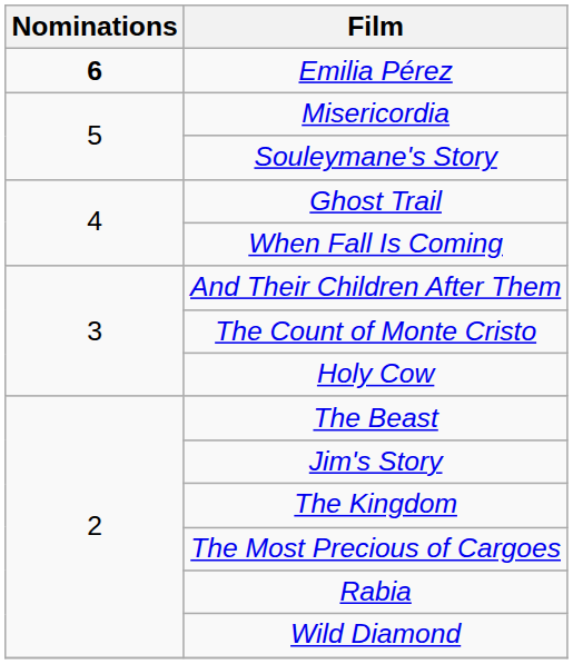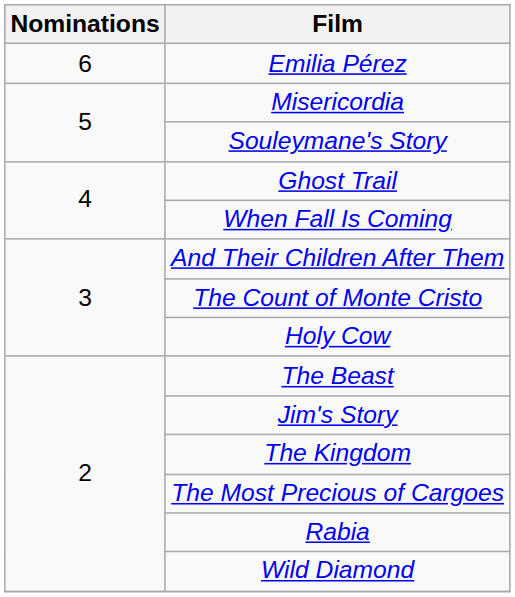 <table class="wikitable plainrowheaders" style="text-align: center;">
 <tr>
 <th scope="col" style="width:55px;">Nominations</th>
 <th scope="col" style="text-align:center;">Film</th>
 </tr>
 <tr>
-<td><strong>6</strong></td>
+<td>6</td>
 <td><em><a href='#'>Emilia Pérez</a></em></td>
 </tr>
 <tr>
 <td rowspan="2">5</td>
 <td><em><a href='#'>Misericordia</a></em></td>
 </tr>
 <tr>
 <td><em><a href='#'>Souleymane's Story</a></em></td>
 </tr>
 <tr>
 <td rowspan="2">4</td>
 <td><em><a href='#'>Ghost Trail</a></em></td>
 </tr>
 <tr>
 <td><em><a href='#'>When Fall Is Coming</a></em></td>
 </tr>
 <tr>
 <td rowspan="3">3</td>
 <td><em><a href='#'>And Their Children After Them</a></em></td>
 </tr>
 <tr>
 <td><em><a href='#'>The Count of Monte Cristo</a></em></td>
 </tr>
 <tr>
 <td><em><a href='#'>Holy Cow</a></em></td>
 </tr>
 <tr>
 <td rowspan="6">2</td>
 <td><em><a href='#'>The Beast</a></em></td>
 </tr>
 <tr>
 <td><em><a href='#'>Jim's Story</a></em></td>
 </tr>
 <tr>
 <td><em><a href='#'>The Kingdom</a></em></td>
 </tr>
 <tr>
 <td><em><a href='#'>The Most Precious of Cargoes</a></em></td>
 </tr>
 <tr>
 <td><em><a href='#'>Rabia</a></em></td>
 </tr>
 <tr>
 <td><em><a href='#'>Wild Diamond</a></em></td>
 </tr>
 <tr>
 </tr>
 </table>
